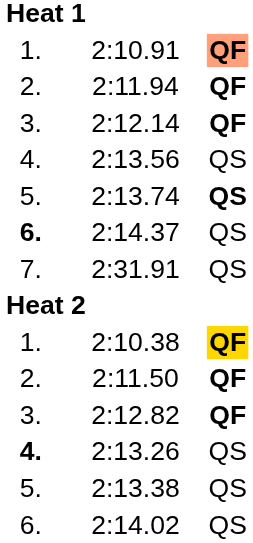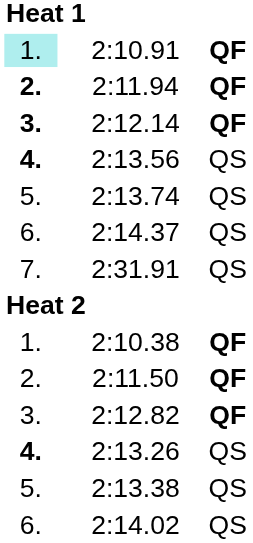 <table style="text-align:center">
 <tr>
 <td colspan=4 align=left><strong>Heat 1</strong></td>
 </tr>
 <tr>
-<td width=30>1.</td>
+<td width=30 style="background: paleturquoise;">1.</td>
 <td align=left></td>
 <td width=80>2:10.91</td>
-<td style="background: lightsalmon;"><strong>QF</strong></td>
+<td><strong>QF</strong></td>
 </tr>
 <tr>
-<td>2.</td>
+<td><strong>2.</strong></td>
 <td align=left></td>
 <td>2:11.94</td>
 <td><strong>QF</strong></td>
 </tr>
 <tr>
-<td>3.</td>
+<td><strong>3.</strong></td>
 <td align=left></td>
 <td>2:12.14</td>
 <td><strong>QF</strong></td>
 </tr>
 <tr>
-<td>4.</td>
+<td><strong>4.</strong></td>
 <td align=left></td>
 <td>2:13.56</td>
 <td>QS</td>
 </tr>
 <tr>
 <td>5.</td>
 <td align=left></td>
 <td>2:13.74</td>
-<td><strong>QS</strong></td>
+<td>QS</td>
 </tr>
 <tr>
-<td><strong>6.</strong></td>
+<td>6.</td>
 <td align=left></td>
 <td>2:14.37</td>
 <td>QS</td>
 </tr>
 <tr>
 <td>7.</td>
 <td align=left></td>
 <td>2:31.91</td>
 <td>QS</td>
 </tr>
 <tr>
 <td colspan=4 align=left><strong>Heat 2</strong></td>
 </tr>
 <tr>
 <td>1.</td>
 <td align=left></td>
 <td>2:10.38</td>
-<td style="background: gold;"><strong>QF</strong></td>
+<td><strong>QF</strong></td>
 </tr>
 <tr>
 <td>2.</td>
 <td align=left></td>
 <td>2:11.50</td>
 <td><strong>QF</strong></td>
 </tr>
 <tr>
 <td>3.</td>
 <td align=left></td>
 <td>2:12.82</td>
 <td><strong>QF</strong></td>
 </tr>
 <tr>
 <td><strong>4.</strong></td>
 <td align=left></td>
 <td>2:13.26</td>
 <td>QS</td>
 </tr>
 <tr>
 <td>5.</td>
 <td align=left></td>
 <td>2:13.38</td>
 <td>QS</td>
 </tr>
 <tr>
 <td>6.</td>
 <td align=left></td>
 <td>2:14.02</td>
 <td>QS</td>
 </tr>
 </table>
